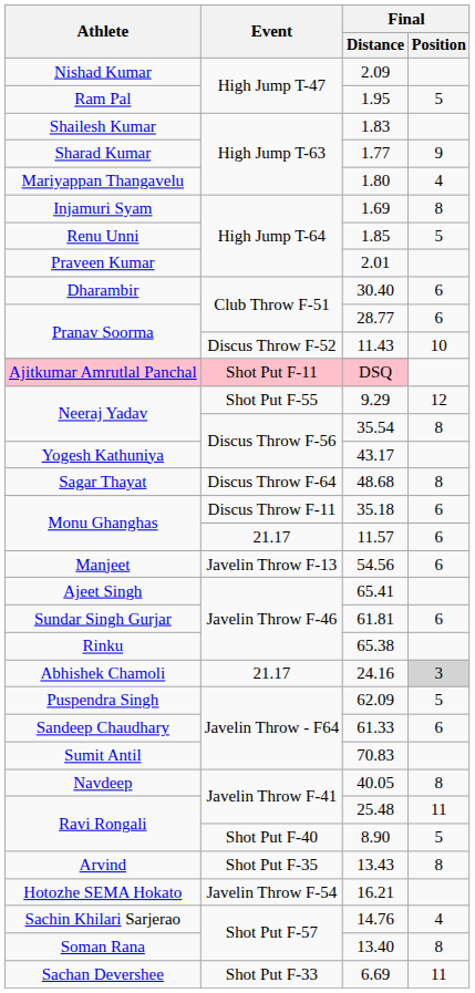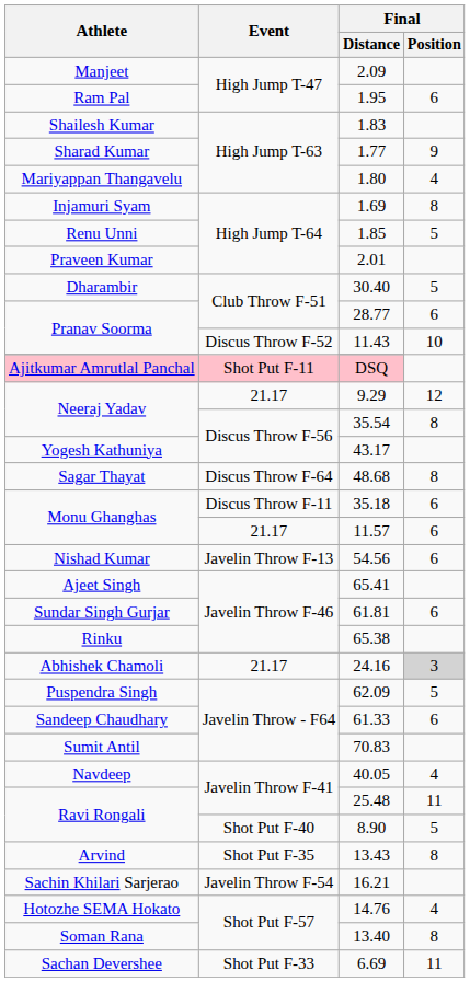 <table class="wikitable" style="text-align:center; font-size:90%">
 <tr>
 <th rowspan="2">Athlete</th>
 <th rowspan="2">Event</th>
 <th colspan="2">Final</th>
 </tr>
 <tr style="font-size:95%">
 <th>Distance</th>
 <th>Position</th>
 </tr>
 <tr>
-<td><a href='#'>Nishad Kumar</a></td>
+<td><a href='#'>Manjeet</a></td>
 <td Rowspan=2>High Jump T-47</td>
 <td>2.09</td>
 <td></td>
 </tr>
 <tr>
 <td><a href='#'>Ram Pal</a></td>
 <td>1.95</td>
-<td>5</td>
+<td>6</td>
 </tr>
 <tr>
 <td><a href='#'>Shailesh Kumar</a></td>
 <td Rowspan=3>High Jump T-63</td>
 <td>1.83</td>
 <td></td>
 </tr>
 <tr>
 <td><a href='#'>Sharad Kumar</a></td>
 <td>1.77</td>
 <td>9</td>
 </tr>
 <tr>
 <td><a href='#'>Mariyappan Thangavelu</a></td>
 <td>1.80</td>
 <td>4</td>
 </tr>
 <tr>
 <td><a href='#'>Injamuri Syam</a></td>
 <td rowspan=3>High Jump T-64</td>
 <td>1.69</td>
 <td>8</td>
 </tr>
 <tr>
 <td><a href='#'>Renu Unni</a></td>
 <td>1.85</td>
 <td>5</td>
 </tr>
 <tr>
 <td><a href='#'>Praveen Kumar</a></td>
 <td>2.01</td>
 <td></td>
 </tr>
 <tr>
 <td><a href='#'>Dharambir</a></td>
 <td rowspan=2>Club Throw F-51</td>
 <td>30.40</td>
-<td>6</td>
+<td>5</td>
 </tr>
 <tr>
 <td rowspan=2><a href='#'>Pranav Soorma</a></td>
 <td>28.77</td>
 <td>6</td>
 </tr>
 <tr>
 <td rowspan=2>Discus Throw F-52</td>
 <td>11.43</td>
 <td>10</td>
 </tr>
 <tr>
 </tr>
 <tr bgcolor=pink>
 <td><a href='#'>Ajitkumar Amrutlal Panchal</a></td>
 <td>Shot Put F-11</td>
 <td>DSQ</td>
 </tr>
 <tr>
 <td rowspan=2><a href='#'>Neeraj Yadav</a></td>
-<td>Shot Put F-55</td>
+<td>21.17</td>
 <td>9.29</td>
 <td>12</td>
 </tr>
 <tr>
 <td Rowspan=2>Discus Throw F-56</td>
 <td>35.54</td>
 <td>8</td>
 </tr>
 <tr>
 <td><a href='#'>Yogesh Kathuniya</a></td>
 <td>43.17</td>
 <td></td>
 </tr>
 <tr>
 <td><a href='#'>Sagar Thayat</a></td>
 <td>Discus Throw F-64</td>
 <td>48.68</td>
 <td>8</td>
 </tr>
 <tr>
 <td rowspan=2><a href='#'>Monu Ghanghas</a></td>
 <td>Discus Throw F-11</td>
 <td>35.18</td>
 <td>6</td>
 </tr>
 <tr>
 <td>21.17</td>
 <td>11.57</td>
 <td>6</td>
 </tr>
 <tr>
-<td><a href='#'>Manjeet</a></td>
+<td><a href='#'>Nishad Kumar</a></td>
 <td>Javelin Throw F-13</td>
 <td>54.56</td>
 <td>6</td>
 </tr>
 <tr>
 <td><a href='#'>Ajeet Singh</a></td>
 <td rowspan=3>Javelin Throw F-46</td>
 <td>65.41</td>
 <td></td>
 </tr>
 <tr>
 <td><a href='#'>Sundar Singh Gurjar</a></td>
 <td>61.81</td>
 <td>6</td>
 </tr>
 <tr>
 <td><a href='#'>Rinku</a></td>
 <td>65.38</td>
 <td></td>
 </tr>
 <tr>
 <td><a href='#'>Abhishek Chamoli</a></td>
 <td>21.17</td>
 <td>24.16</td>
 <td style="background: lightgrey;">3</td>
 </tr>
 <tr>
 <td><a href='#'>Puspendra Singh</a></td>
 <td rowspan=3>Javelin Throw - F64</td>
 <td>62.09</td>
 <td>5</td>
 </tr>
 <tr>
 <td><a href='#'>Sandeep Chaudhary</a></td>
 <td>61.33</td>
 <td>6</td>
 </tr>
 <tr>
 <td><a href='#'>Sumit Antil</a></td>
 <td>70.83</td>
 <td></td>
 </tr>
 <tr>
 <td><a href='#'>Navdeep</a></td>
 <td rowspan=2>Javelin Throw F-41</td>
 <td>40.05</td>
-<td>8</td>
+<td>4</td>
 </tr>
 <tr>
 <td rowspan=2><a href='#'>Ravi Rongali</a></td>
 <td>25.48</td>
 <td>11</td>
 </tr>
 <tr>
 <td>Shot Put F-40</td>
 <td>8.90</td>
 <td>5</td>
 </tr>
 <tr>
 <td><a href='#'>Arvind</a></td>
 <td>Shot Put F-35</td>
 <td>13.43</td>
 <td>8</td>
 </tr>
 <tr>
-<td><a href='#'>Hotozhe SEMA Hokato</a></td>
+<td><a href='#'>Sachin Khilari</a> Sarjerao</td>
 <td>Javelin Throw F-54</td>
 <td>16.21</td>
 <td></td>
 </tr>
 <tr>
-<td><a href='#'>Sachin Khilari</a> Sarjerao</td>
+<td><a href='#'>Hotozhe SEMA Hokato</a></td>
 <td Rowspan=2>Shot Put F-57</td>
 <td>14.76</td>
 <td>4</td>
 </tr>
 <tr>
 <td><a href='#'>Soman Rana</a></td>
 <td>13.40</td>
 <td>8</td>
 </tr>
 <tr>
 <td rowspan=2><a href='#'>Sachan Devershee</a></td>
 <td>Shot Put F-33</td>
 <td>6.69</td>
 <td>11</td>
 </tr>
 </table>
